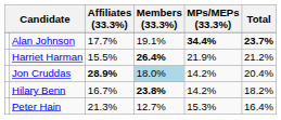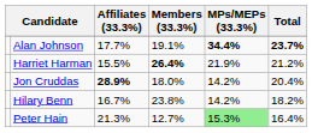 <table class="wikitable" style="font-size:95%">
 <tr>
 <th scope="col"; colspan=2>Candidate</th>
 <th scope="col">Affiliates <br> (33.3%)</th>
 <th scope="col">Members <br> (33.3%)</th>
 <th scope="col">MPs/MEPs <br> (33.3%)</th>
 <th scope="col">Total</th>
 </tr>
 <tr>
 </tr>
 <tr>
 <td style="background-color: "></td>
 <td scope=“row”><a href='#'>Alan Johnson</a></td>
 <td>17.7%</td>
 <td>19.1%</td>
 <td><strong>34.4%</strong></td>
 <td><strong>23.7%</strong></td>
 </tr>
 <tr>
 <td style="background-color: "></td>
 <td scope=“row”><a href='#'>Harriet Harman</a></td>
 <td>15.5%</td>
 <td><strong>26.4%</strong></td>
 <td>21.9%</td>
 <td>21.2%</td>
 </tr>
 <tr>
 <td style="background-color: "></td>
 <td scope=“row”><a href='#'>Jon Cruddas</a></td>
 <td><strong>28.9%</strong></td>
-<td style="background: lightblue;">18.0%</td>
+<td>18.0%</td>
 <td>14.2%</td>
 <td>20.4%</td>
 </tr>
 <tr>
 <td style="background-color: "></td>
 <td scope=“row”><a href='#'>Hilary Benn</a></td>
 <td>16.7%</td>
-<td><strong>23.8%</strong></td>
+<td>23.8%</td>
 <td>14.2%</td>
 <td>18.2%</td>
 </tr>
 <tr>
 <td style="background-color: "></td>
 <td scope=“row”><a href='#'>Peter Hain</a> </td>
 <td>21.3%</td>
 <td>12.7%</td>
-<td>15.3%</td>
+<td style="background: lightgreen;">15.3%</td>
 <td>16.4%</td>
 </tr>
 </table>
